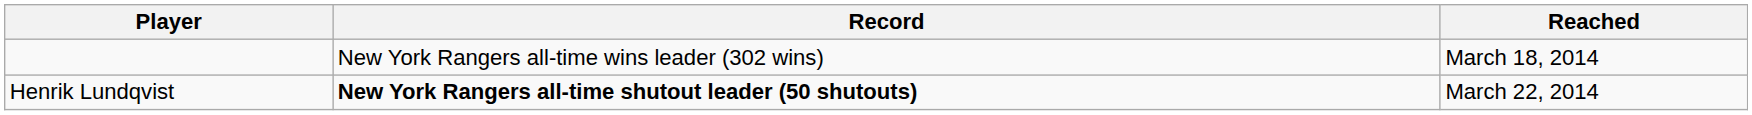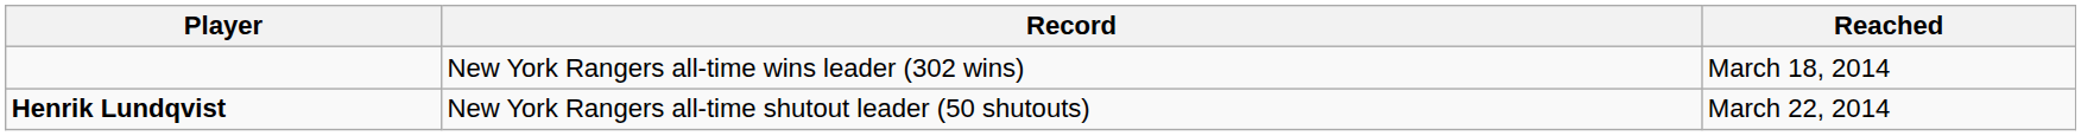 <table class="wikitable sortable" style="width:100%;">
 <tr align=center>
 <th>Player</th>
 <th>Record</th>
 <th>Reached</th>
 </tr>
 <tr>
 <td></td>
 <td>New York Rangers all-time wins leader (302 wins)</td>
 <td>March 18, 2014</td>
 </tr>
 <tr>
-<td>Henrik Lundqvist</td>
-<td><strong>New York Rangers all-time shutout leader (50 shutouts)</strong></td>
+<td><strong>Henrik Lundqvist</strong></td>
+<td>New York Rangers all-time shutout leader (50 shutouts)</td>
 <td>March 22, 2014</td>
 </tr>
 </table>
